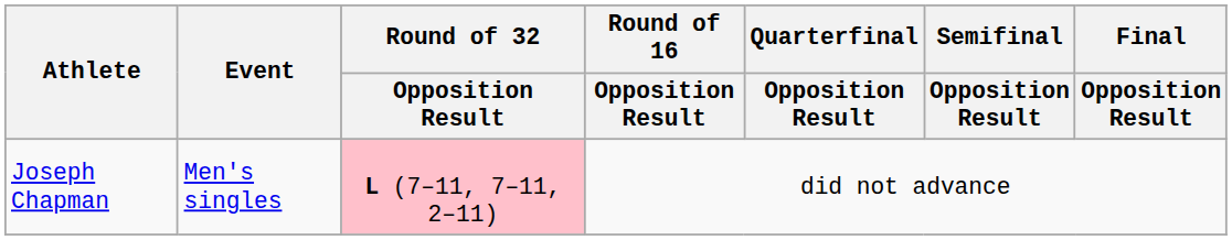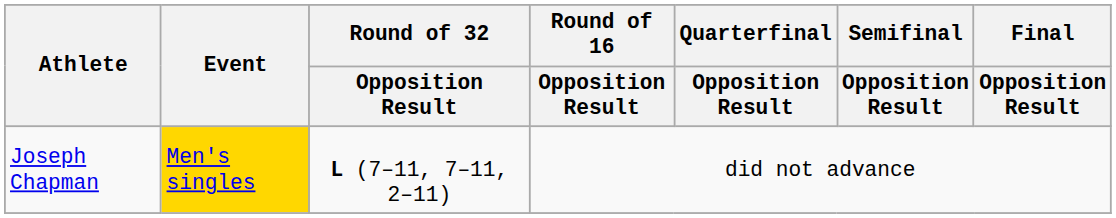 <table class="wikitable" border="1" style="font-size:90%">
 <tr>
 <th rowspan=2>Athlete</th>
 <th rowspan=2>Event</th>
 <th>Round of 32</th>
 <th>Round of 16</th>
 <th>Quarterfinal</th>
 <th>Semifinal</th>
 <th>Final</th>
 </tr>
 <tr>
 <th>Opposition<br>Result</th>
 <th>Opposition<br>Result</th>
 <th>Opposition<br>Result</th>
 <th>Opposition<br>Result</th>
 <th>Opposition<br>Result</th>
 </tr>
 <tr>
 <td><a href='#'>Joseph Chapman</a></td>
-<td><a href='#'>Men's singles</a></td>
-<td align=center style="background: pink;"> <br> <strong>L</strong> (7–11, 7–11, 2–11)</td>
+<td style="background: gold;"><a href='#'>Men's singles</a></td>
+<td align=center> <br> <strong>L</strong> (7–11, 7–11, 2–11)</td>
 <td align=center colspan="4">did not advance</td>
 </tr>
 </table>
